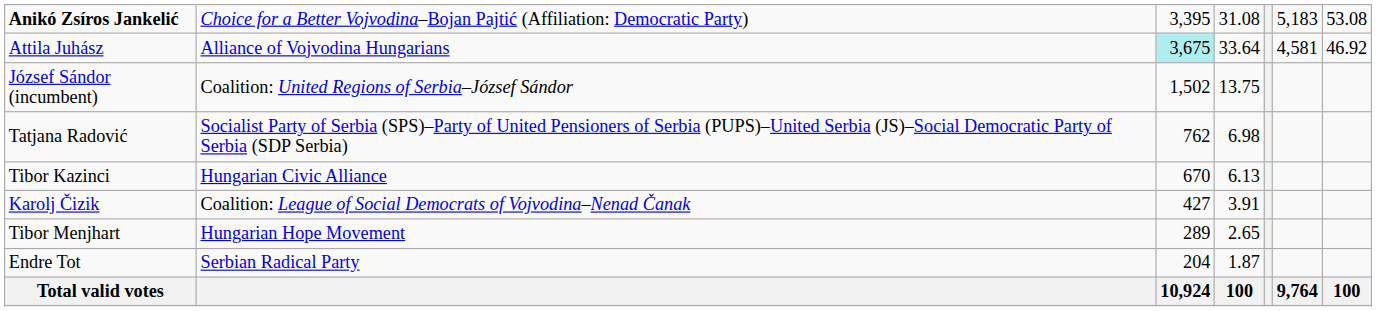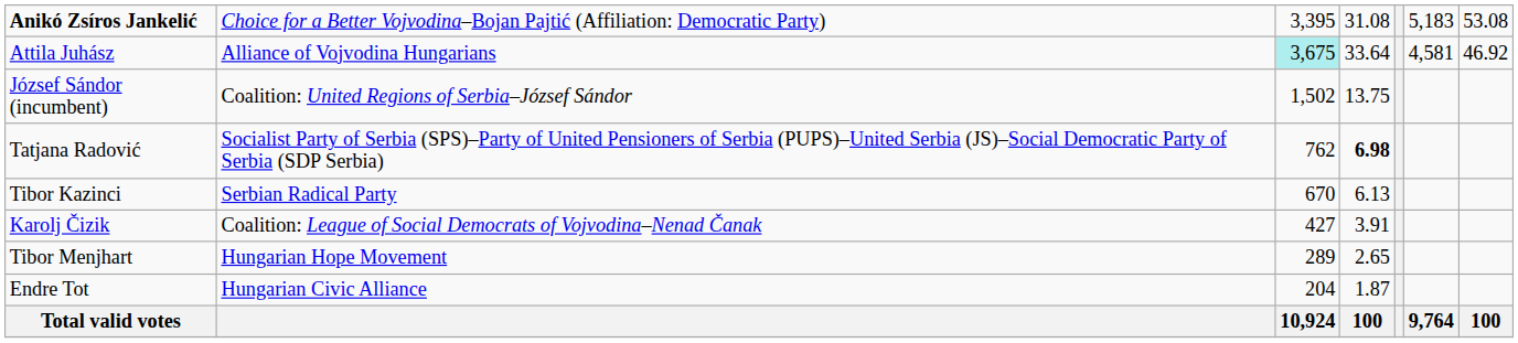 <table style="width:1200px;" class="wikitable">
 <tr>
 <td align="left"><strong>Anikó Zsíros Jankelić</strong></td>
 <td align="left"><em><a href='#'>Choice for a Better Vojvodina</a></em>–<a href='#'>Bojan Pajtić</a> (Affiliation: <a href='#'>Democratic Party</a>)</td>
 <td align="right">3,395</td>
 <td align="right">31.08</td>
 <th align="left"></th>
 <td align="right">5,183</td>
 <td align="right">53.08</td>
 </tr>
 <tr>
 <td align="left"><a href='#'>Attila Juhász</a></td>
 <td align="left"><a href='#'>Alliance of Vojvodina Hungarians</a></td>
 <td align="right" style="background: paleturquoise;">3,675</td>
 <td align="right">33.64</td>
 <th align="left"></th>
 <td align="right">4,581</td>
 <td align="right">46.92</td>
 </tr>
 <tr>
 <td align="left"><a href='#'>József Sándor</a> (incumbent)</td>
 <td align="left">Coalition: <em><a href='#'>United Regions of Serbia</a>–József Sándor</em></td>
 <td align="right">1,502</td>
 <td align="right">13.75</td>
 <th align="left"></th>
 <td align="right"></td>
 <td align="right"></td>
 </tr>
 <tr>
 <td align="left">Tatjana Radović</td>
 <td align="left"><a href='#'>Socialist Party of Serbia</a> (SPS)–<a href='#'>Party of United Pensioners of Serbia</a> (PUPS)–<a href='#'>United Serbia</a> (JS)–<a href='#'>Social Democratic Party of Serbia</a> (SDP Serbia)</td>
 <td align="right">762</td>
-<td align="right">6.98</td>
+<td align="right"><strong>6.98</strong></td>
 <th align="left"></th>
 <td align="right"></td>
 <td align="right"></td>
 </tr>
 <tr>
 <td align="left">Tibor Kazinci</td>
-<td align="left"><a href='#'>Hungarian Civic Alliance</a></td>
+<td align="left"><a href='#'>Serbian Radical Party</a></td>
 <td align="right">670</td>
 <td align="right">6.13</td>
 <th align="left"></th>
 <td align="right"></td>
 <td align="right"></td>
 </tr>
 <tr>
 <td align="left"><a href='#'>Karolj Čizik</a></td>
 <td align="left">Coalition: <em><a href='#'>League of Social Democrats of Vojvodina</a>–<a href='#'>Nenad Čanak</a></em></td>
 <td align="right">427</td>
 <td align="right">3.91</td>
 <th align="left"></th>
 <td align="right"></td>
 <td align="right"></td>
 </tr>
 <tr>
 <td align="left">Tibor Menjhart</td>
 <td align="left"><a href='#'>Hungarian Hope Movement</a></td>
 <td align="right">289</td>
 <td align="right">2.65</td>
 <th align="left"></th>
 <td align="right"></td>
 <td align="right"></td>
 </tr>
 <tr>
 <td align="left">Endre Tot</td>
-<td align="left"><a href='#'>Serbian Radical Party</a></td>
+<td align="left"><a href='#'>Hungarian Civic Alliance</a></td>
 <td align="right">204</td>
 <td align="right">1.87</td>
 <th align="left"></th>
 <td align="right"></td>
 <td align="right"></td>
 </tr>
 <tr>
 <th align="left">Total valid votes</th>
 <th align="left"></th>
 <th align="right">10,924</th>
 <th align="right">100</th>
 <th align="left"></th>
 <th align="right">9,764</th>
 <th align="right">100</th>
 </tr>
 <tr>
 </tr>
 </table>
